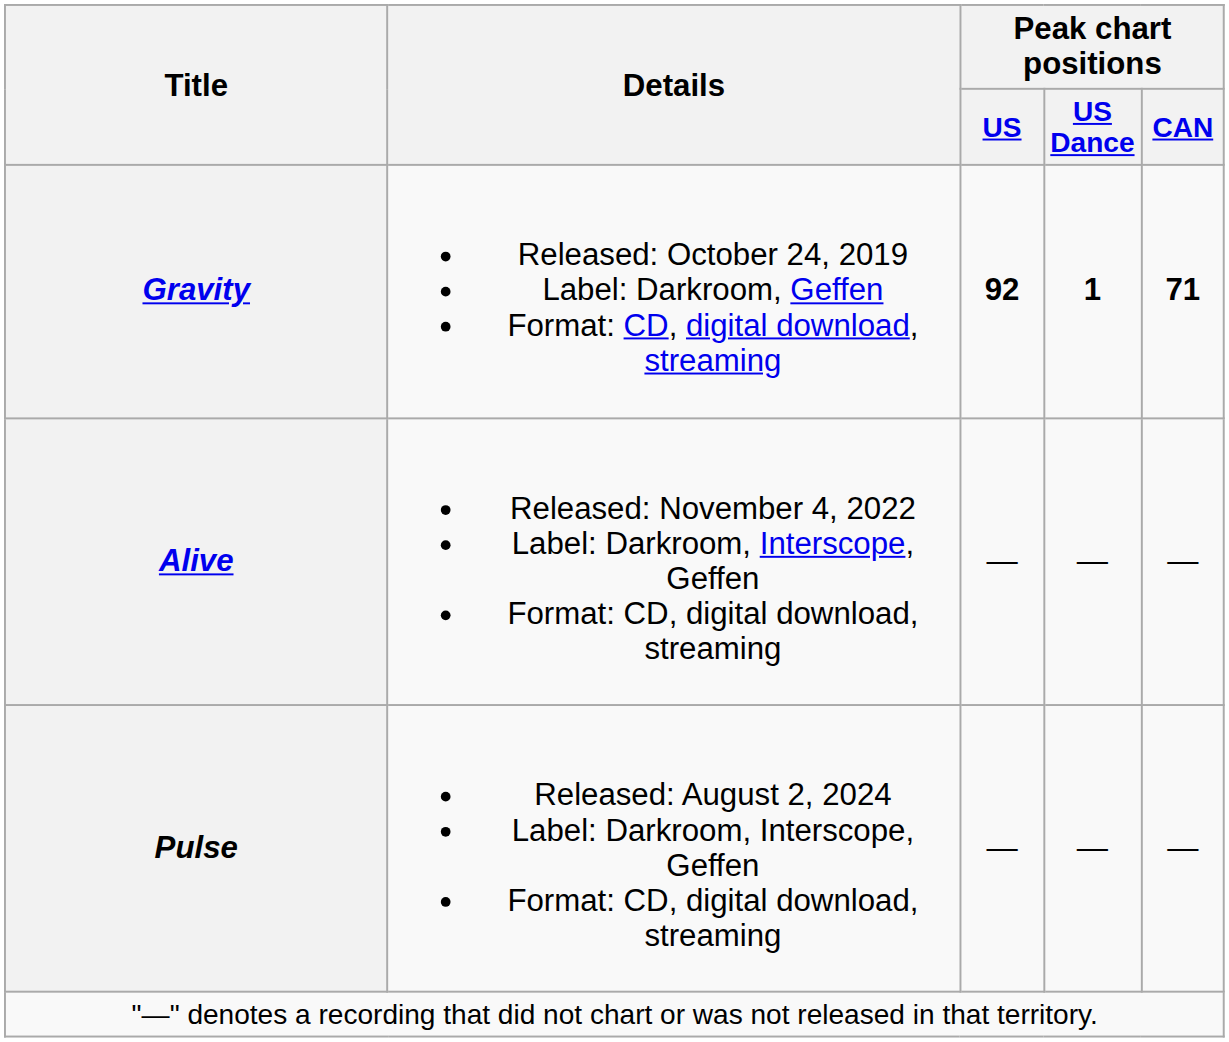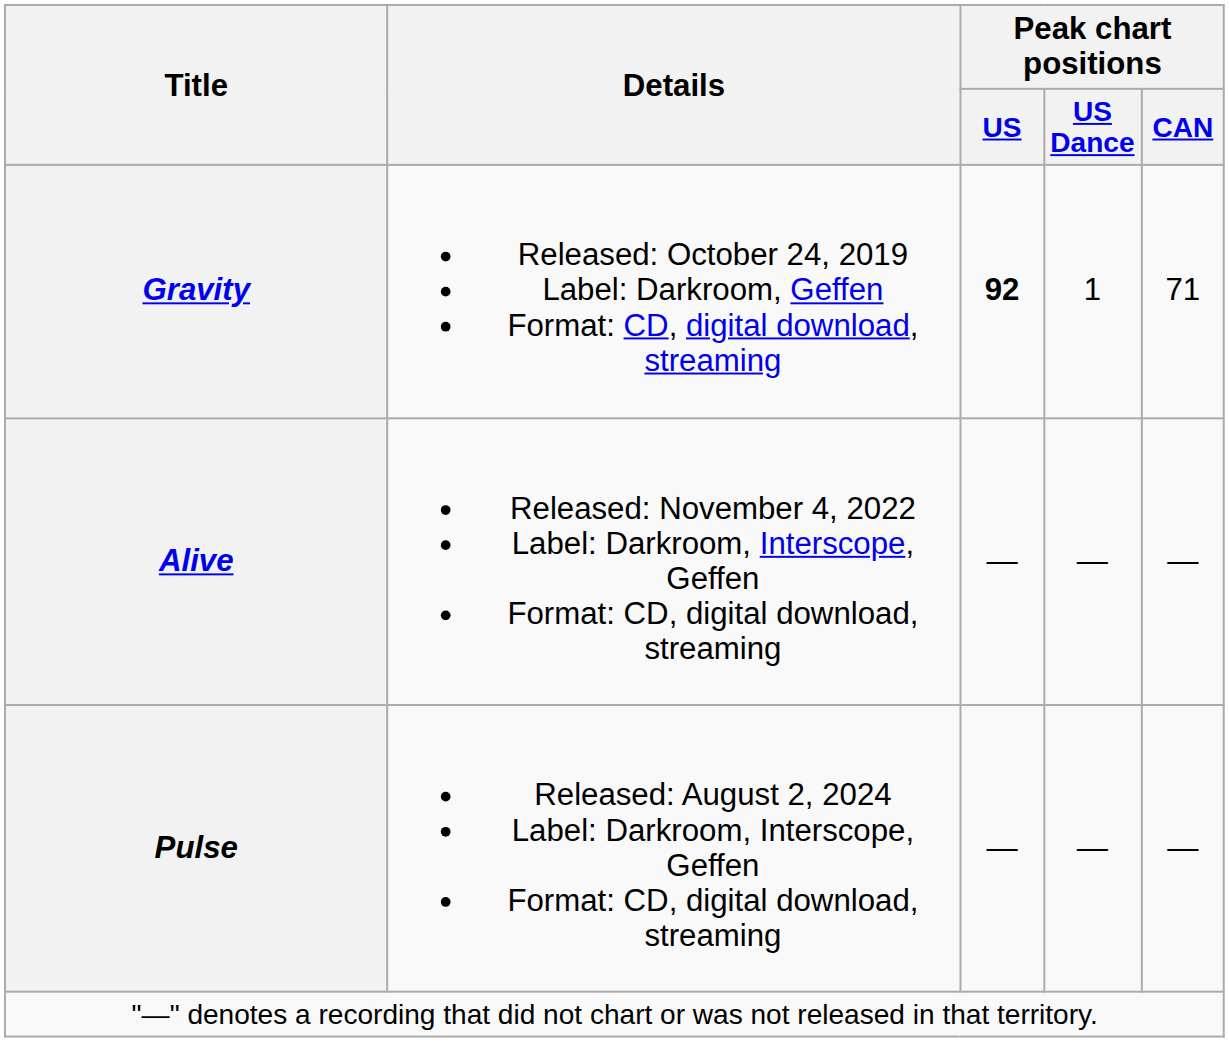 <table class="wikitable plainrowheaders" style="text-align:center">
 <tr>
 <th scope="col" rowspan="2" style="width:11.8em;">Title</th>
 <th scope="col" rowspan="2" style="width:17.9em;">Details</th>
 <th colspan="3">Peak chart positions</th>
 </tr>
 <tr>
 <th scope="col" style="width:2.5em;font-size:90%;"><a href='#'>US</a><br></th>
 <th scope="col" style="width:2.5em;font-size:90%;"><a href='#'>US<br>Dance</a><br></th>
 <th scope="col" style="width:2.5em;font-size:90%;"><a href='#'>CAN</a><br></th>
 </tr>
 <tr>
 <th scope="row"><em><a href='#'>Gravity</a></em></th>
 <td><br><ul><li>Released: October 24, 2019</li><li>Label: Darkroom, <a href='#'>Geffen</a></li><li>Format: <a href='#'>CD</a>, <a href='#'>digital download</a>, <a href='#'>streaming</a></li></ul></td>
 <td><strong>92</strong></td>
-<td><strong>1</strong></td>
-<td><strong>71</strong></td>
+<td>1</td>
+<td>71</td>
 </tr>
 <tr>
 <th scope="row"><em><a href='#'>Alive</a></em></th>
 <td><br><ul><li>Released: November 4, 2022</li><li>Label: Darkroom, <a href='#'>Interscope</a>, Geffen</li><li>Format: CD, digital download, streaming</li></ul></td>
 <td>—</td>
 <td>—</td>
 <td>—</td>
 </tr>
 <tr>
 <th scope="row"><em>Pulse</em></th>
 <td><br><ul><li>Released: August 2, 2024</li><li>Label: Darkroom, Interscope, Geffen</li><li>Format: CD, digital download, streaming</li></ul></td>
 <td>—</td>
 <td>—</td>
 <td>—</td>
 </tr>
 <tr>
 <td colspan="8" style="font-size:90%">"—" denotes a recording that did not chart or was not released in that territory.</td>
 </tr>
 </table>
